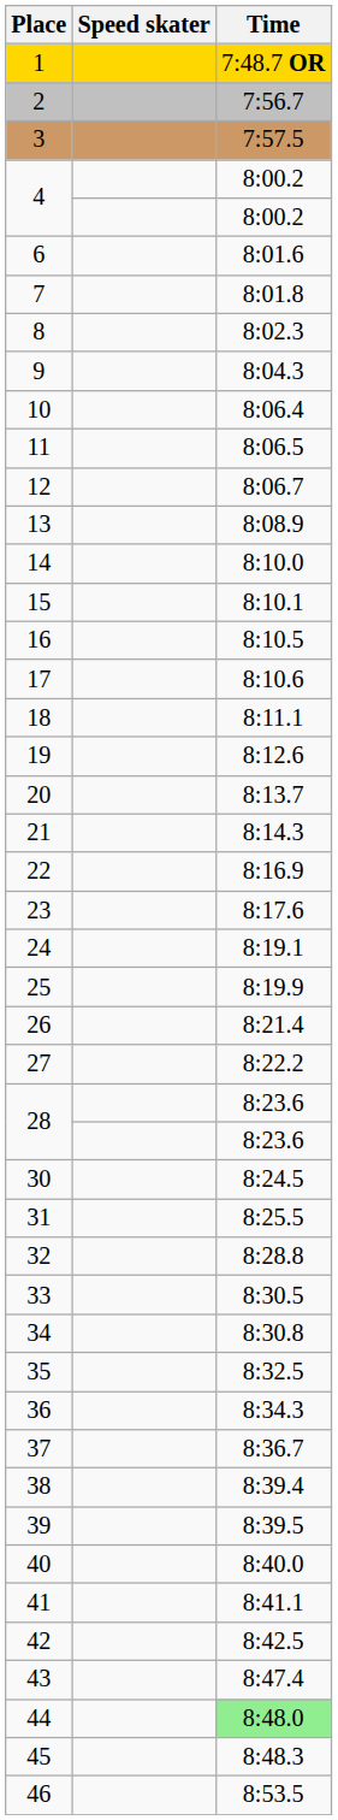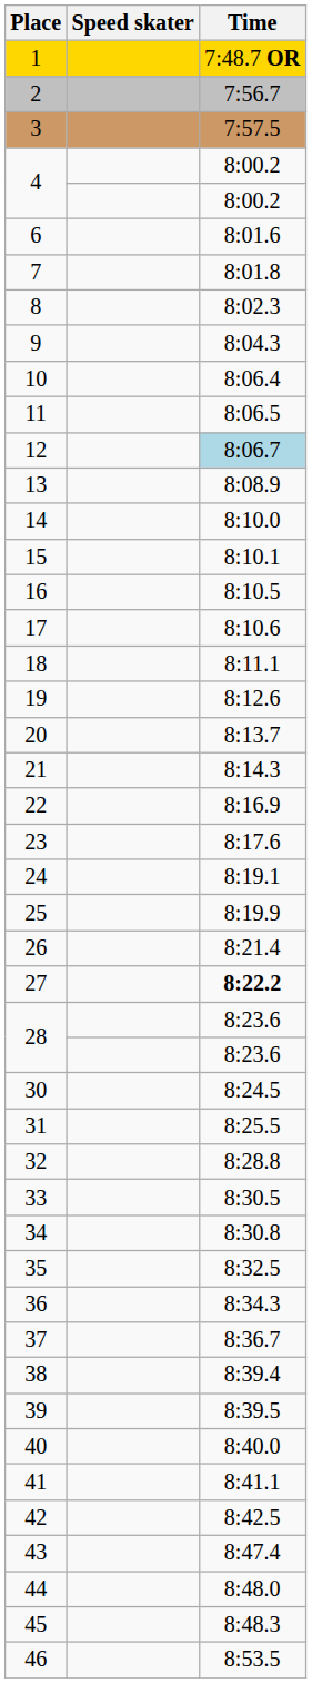 <table class="wikitable" style="text-align:center">
 <tr>
 <th>Place</th>
 <th>Speed skater</th>
 <th>Time</th>
 </tr>
 <tr bgcolor=gold>
 <td>1</td>
 <td align=left></td>
 <td>7:48.7 <strong>OR</strong></td>
 </tr>
 <tr bgcolor=silver>
 <td>2</td>
 <td align=left></td>
 <td>7:56.7</td>
 </tr>
 <tr bgcolor=cc9966>
 <td>3</td>
 <td align=left></td>
 <td>7:57.5</td>
 </tr>
 <tr>
 <td rowspan=2>4</td>
 <td align=left></td>
 <td>8:00.2</td>
 </tr>
 <tr>
 <td align=left></td>
 <td>8:00.2</td>
 </tr>
 <tr>
 <td>6</td>
 <td align=left></td>
 <td>8:01.6</td>
 </tr>
 <tr>
 <td>7</td>
 <td align=left></td>
 <td>8:01.8</td>
 </tr>
 <tr>
 <td>8</td>
 <td align=left></td>
 <td>8:02.3</td>
 </tr>
 <tr>
 <td>9</td>
 <td align=left></td>
 <td>8:04.3</td>
 </tr>
 <tr>
 <td>10</td>
 <td align=left></td>
 <td>8:06.4</td>
 </tr>
 <tr>
 <td>11</td>
 <td align=left></td>
 <td>8:06.5</td>
 </tr>
 <tr>
 <td>12</td>
 <td align=left></td>
-<td>8:06.7</td>
+<td style="background: lightblue;">8:06.7</td>
 </tr>
 <tr>
 <td>13</td>
 <td align=left></td>
 <td>8:08.9</td>
 </tr>
 <tr>
 <td>14</td>
 <td align=left></td>
 <td>8:10.0</td>
 </tr>
 <tr>
 <td>15</td>
 <td align=left></td>
 <td>8:10.1</td>
 </tr>
 <tr>
 <td>16</td>
 <td align=left></td>
 <td>8:10.5</td>
 </tr>
 <tr>
 <td>17</td>
 <td align=left></td>
 <td>8:10.6</td>
 </tr>
 <tr>
 <td>18</td>
 <td align=left></td>
 <td>8:11.1</td>
 </tr>
 <tr>
 <td>19</td>
 <td align=left></td>
 <td>8:12.6</td>
 </tr>
 <tr>
 <td>20</td>
 <td align=left></td>
 <td>8:13.7</td>
 </tr>
 <tr>
 <td>21</td>
 <td align=left></td>
 <td>8:14.3</td>
 </tr>
 <tr>
 <td>22</td>
 <td Align=left></td>
 <td>8:16.9</td>
 </tr>
 <tr>
 <td>23</td>
 <td align=left></td>
 <td>8:17.6</td>
 </tr>
 <tr>
 <td>24</td>
 <td align=left></td>
 <td>8:19.1</td>
 </tr>
 <tr>
 <td>25</td>
 <td align=left></td>
 <td>8:19.9</td>
 </tr>
 <tr>
 <td>26</td>
 <td align=left></td>
 <td>8:21.4</td>
 </tr>
 <tr>
 <td>27</td>
 <td align=left></td>
-<td>8:22.2</td>
+<td><strong>8:22.2</strong></td>
 </tr>
 <tr>
 <td rowspan=2>28</td>
 <td align=left></td>
 <td>8:23.6</td>
 </tr>
 <tr>
 <td align=left></td>
 <td>8:23.6</td>
 </tr>
 <tr>
 <td>30</td>
 <td align=left></td>
 <td>8:24.5</td>
 </tr>
 <tr>
 <td>31</td>
 <td align=left></td>
 <td>8:25.5</td>
 </tr>
 <tr>
 <td>32</td>
 <td align=left></td>
 <td>8:28.8</td>
 </tr>
 <tr>
 <td>33</td>
 <td align=left></td>
 <td>8:30.5</td>
 </tr>
 <tr>
 <td>34</td>
 <td align=left></td>
 <td>8:30.8</td>
 </tr>
 <tr>
 <td>35</td>
 <td align=left></td>
 <td>8:32.5</td>
 </tr>
 <tr>
 <td>36</td>
 <td align=left></td>
 <td>8:34.3</td>
 </tr>
 <tr>
 <td>37</td>
 <td align=left></td>
 <td>8:36.7</td>
 </tr>
 <tr>
 <td>38</td>
 <td align=left></td>
 <td>8:39.4</td>
 </tr>
 <tr>
 <td>39</td>
 <td align=left></td>
 <td>8:39.5</td>
 </tr>
 <tr>
 <td>40</td>
 <td align=left></td>
 <td>8:40.0</td>
 </tr>
 <tr>
 <td>41</td>
 <td align=left></td>
 <td>8:41.1</td>
 </tr>
 <tr>
 <td>42</td>
 <td align=left></td>
 <td>8:42.5</td>
 </tr>
 <tr>
 <td>43</td>
 <td align=left></td>
 <td>8:47.4</td>
 </tr>
 <tr>
 <td>44</td>
 <td align=left></td>
-<td style="background: lightgreen;">8:48.0</td>
+<td>8:48.0</td>
 </tr>
 <tr>
 <td>45</td>
 <td align=left></td>
 <td>8:48.3</td>
 </tr>
 <tr>
 <td>46</td>
 <td align=left></td>
 <td>8:53.5</td>
 </tr>
 </table>
